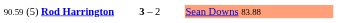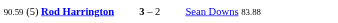 <table style="text-align:center">
 <tr>
 <th width=223></th>
 <th width=100></th>
 <th width=223></th>
 </tr>
 <tr>
 <td align=right><small>90.59</small> (5) <strong><a href='#'>Rod Harrington</a></strong> </td>
 <td><strong>3</strong> – 2</td>
-<td align=left style="background: lightsalmon;"> <a href='#'>Sean Downs</a> <small>83.88</small></td>
+<td align=left> <a href='#'>Sean Downs</a> <small>83.88</small></td>
 </tr>
 </table>
